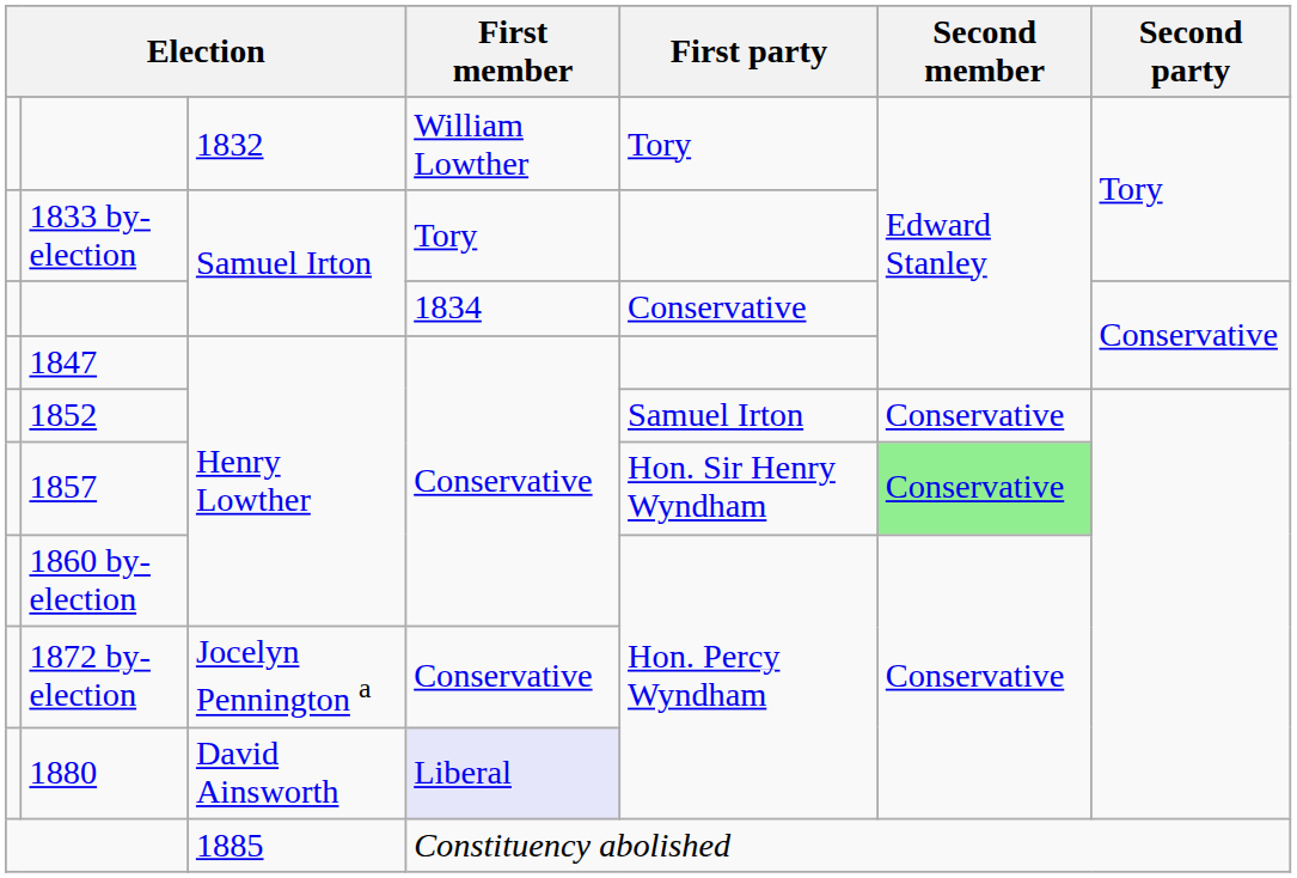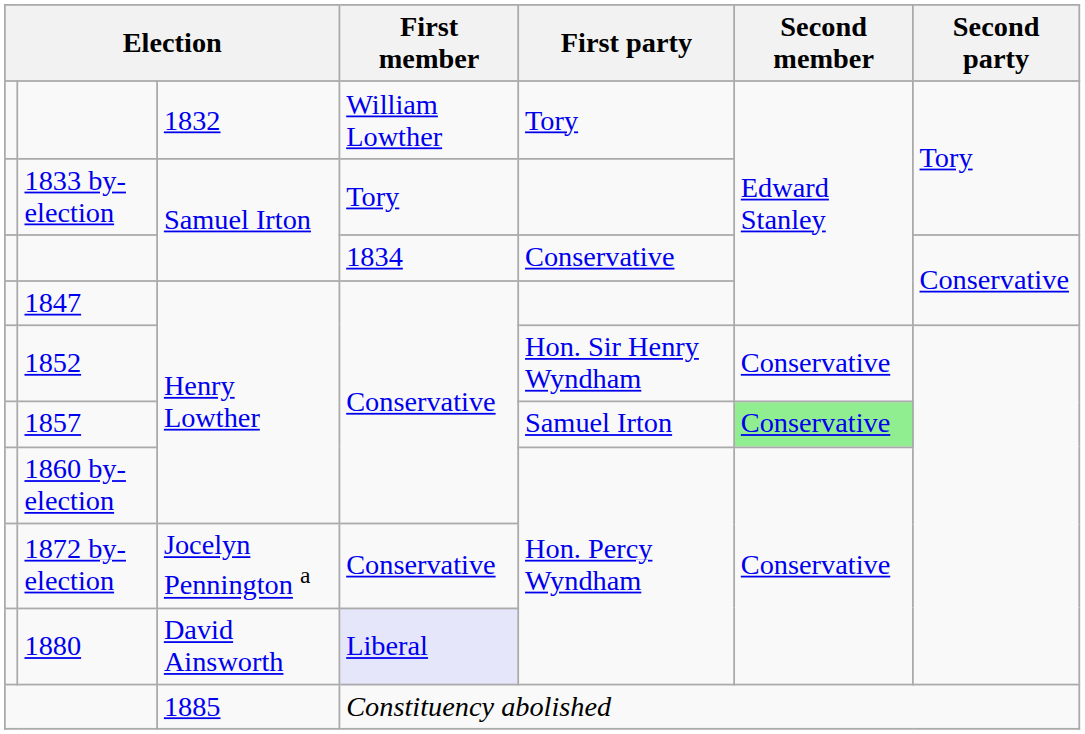 <table class="wikitable">
 <tr>
 <th colspan="3">Election</th>
 <th>First member </th>
 <th>First party</th>
 <th>Second member</th>
 <th>Second party</th>
 </tr>
 <tr>
 <td style="color:inherit;background-color: "></td>
 <td style="color:inherit;background-color: "></td>
 <td><a href='#'>1832</a></td>
 <td><a href='#'>William Lowther</a></td>
 <td><a href='#'>Tory</a></td>
 <td rowspan="4"><a href='#'>Edward Stanley</a></td>
 <td rowspan="2"><a href='#'>Tory</a></td>
 </tr>
 <tr>
 <td style="color:inherit;background-color: "></td>
 <td><a href='#'>1833 by-election</a></td>
 <td rowspan="2"><a href='#'>Samuel Irton</a></td>
 <td><a href='#'>Tory</a></td>
 </tr>
 <tr>
 <td style="color:inherit;background-color: "></td>
 <td style="color:inherit;background-color: "></td>
 <td><a href='#'>1834</a></td>
 <td><a href='#'>Conservative</a></td>
 <td rowspan="2"><a href='#'>Conservative</a></td>
 </tr>
 <tr>
 <td style="color:inherit;background-color: "></td>
 <td><a href='#'>1847</a></td>
 <td rowspan="4"><a href='#'>Henry Lowther</a></td>
 <td rowspan="4"><a href='#'>Conservative</a></td>
 </tr>
 <tr>
 <td style="color:inherit;background-color: "></td>
 <td><a href='#'>1852</a></td>
-<td><a href='#'>Samuel Irton</a></td>
+<td><a href='#'>Hon. Sir Henry Wyndham</a></td>
 <td><a href='#'>Conservative</a></td>
 </tr>
 <tr>
 <td style="color:inherit;background-color: "></td>
 <td><a href='#'>1857</a></td>
-<td><a href='#'>Hon. Sir Henry Wyndham</a></td>
+<td><a href='#'>Samuel Irton</a></td>
 <td style="background: lightgreen;"><a href='#'>Conservative</a></td>
 </tr>
 <tr>
 <td style="color:inherit;background-color: "></td>
 <td><a href='#'>1860 by-election</a></td>
 <td rowspan="3"><a href='#'>Hon. Percy Wyndham</a></td>
 <td rowspan="3"><a href='#'>Conservative</a></td>
 </tr>
 <tr>
 <td style="color:inherit;background-color: "></td>
 <td><a href='#'>1872 by-election</a></td>
 <td><a href='#'>Jocelyn Pennington</a> <sup>a</sup></td>
 <td><a href='#'>Conservative</a></td>
 </tr>
 <tr>
 <td style="color:inherit;background-color: "></td>
 <td><a href='#'>1880</a></td>
 <td><a href='#'>David Ainsworth</a></td>
 <td style="background: lavender;"><a href='#'>Liberal</a></td>
 </tr>
 <tr>
 <td colspan="2"></td>
 <td><a href='#'>1885</a></td>
 <td colspan="4"><em>Constituency abolished</em></td>
 </tr>
 </table>
